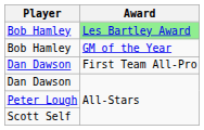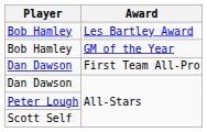 <table class="wikitable">
 <tr>
 <th>Player</th>
 <th>Award</th>
 </tr>
 <tr>
 <td><a href='#'>Bob Hamley</a></td>
-<td style="background: lightgreen;"><a href='#'>Les Bartley Award</a></td>
+<td><a href='#'>Les Bartley Award</a></td>
 </tr>
 <tr>
 <td>Bob Hamley</td>
 <td><a href='#'>GM of the Year</a></td>
 </tr>
 <tr>
 <td><a href='#'>Dan Dawson</a></td>
 <td>First Team All-Pro</td>
 </tr>
 <tr>
 <td>Dan Dawson</td>
 <td rowspan=3>All-Stars</td>
 </tr>
 <tr>
 <td><a href='#'>Peter Lough</a></td>
 </tr>
 <tr>
 <td>Scott Self</td>
 </tr>
 </table>
